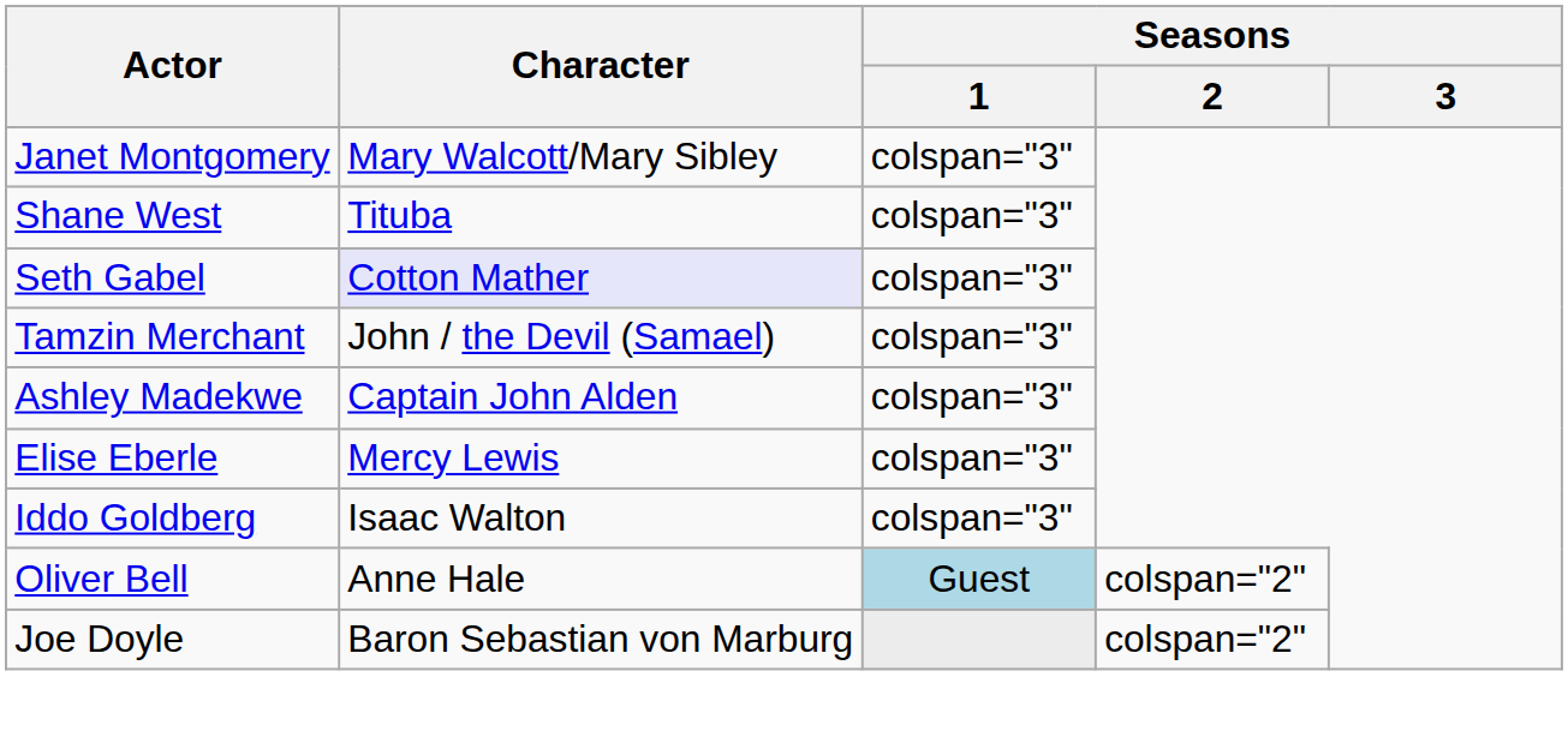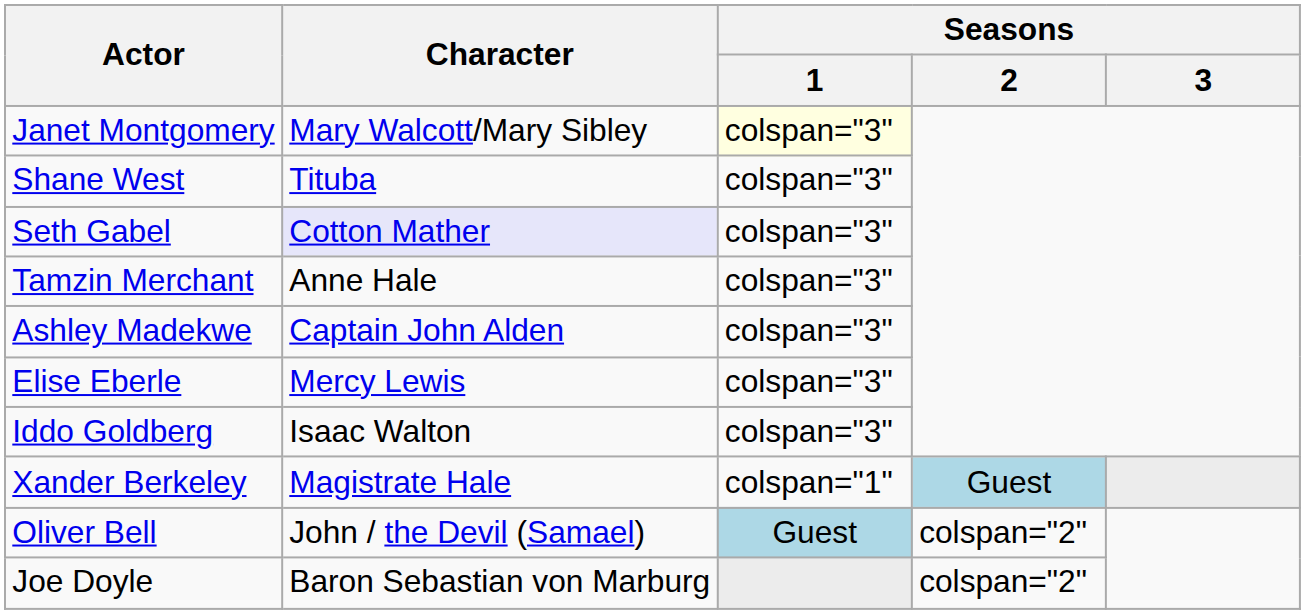 <table class="wikitable">
 <tr>
 <th rowspan="2">Actor</th>
 <th rowspan="2">Character</th>
 <th colspan="3">Seasons</th>
 </tr>
 <tr>
 <th style="width:15%;">1</th>
 <th style="width:15%;">2</th>
 <th style="width:15%;">3</th>
 </tr>
 <tr>
 <td><a href='#'>Janet Montgomery</a></td>
 <td><a href='#'>Mary Walcott</a>/Mary Sibley</td>
-<td>colspan="3" </td>
+<td style="background: lightyellow;">colspan="3" </td>
 </tr>
 <tr>
 <td><a href='#'>Shane West</a></td>
 <td><a href='#'>Tituba</a></td>
 <td>colspan="3" </td>
 </tr>
 <tr>
 <td><a href='#'>Seth Gabel</a></td>
 <td style="background: lavender;"><a href='#'>Cotton Mather</a></td>
 <td>colspan="3" </td>
 </tr>
 <tr>
 <td><a href='#'>Tamzin Merchant</a></td>
-<td>John / <a href='#'>the Devil</a> (<a href='#'>Samael</a>)</td>
+<td>Anne Hale</td>
 <td>colspan="3" </td>
 </tr>
 <tr>
 <td><a href='#'>Ashley Madekwe</a></td>
 <td><a href='#'>Captain John Alden</a></td>
 <td>colspan="3" </td>
 </tr>
 <tr>
 <td><a href='#'>Elise Eberle</a></td>
 <td><a href='#'>Mercy Lewis</a></td>
 <td>colspan="3" </td>
 </tr>
 <tr>
 <td><a href='#'>Iddo Goldberg</a></td>
 <td>Isaac Walton</td>
 <td>colspan="3" </td>
 </tr>
 <tr>
+<td><a href='#'>Xander Berkeley</a></td>
+<td><a href='#'>Magistrate Hale</a></td>
+<td>colspan="1" </td>
+<td style="background: #ADD8E6" colspan="1" align="center">Guest</td>
+<td colspan="1" style="background: #ececec; color: grey; vertical-align: middle; text-align: center; " class="table-na"></td>
+</tr>
+<tr>
 <td><a href='#'>Oliver Bell</a></td>
-<td>Anne Hale</td>
+<td>John / <a href='#'>the Devil</a> (<a href='#'>Samael</a>)</td>
 <td style="background: #ADD8E6" colspan="1" align="center">Guest</td>
 <td>colspan="2" </td>
 </tr>
 <tr>
 <td>Joe Doyle</td>
 <td>Baron Sebastian von Marburg</td>
 <td colspan="1" style="background: #ececec; color: grey; vertical-align: middle; text-align: center; " class="table-na"></td>
 <td>colspan="2" </td>
 </tr>
 </table>
